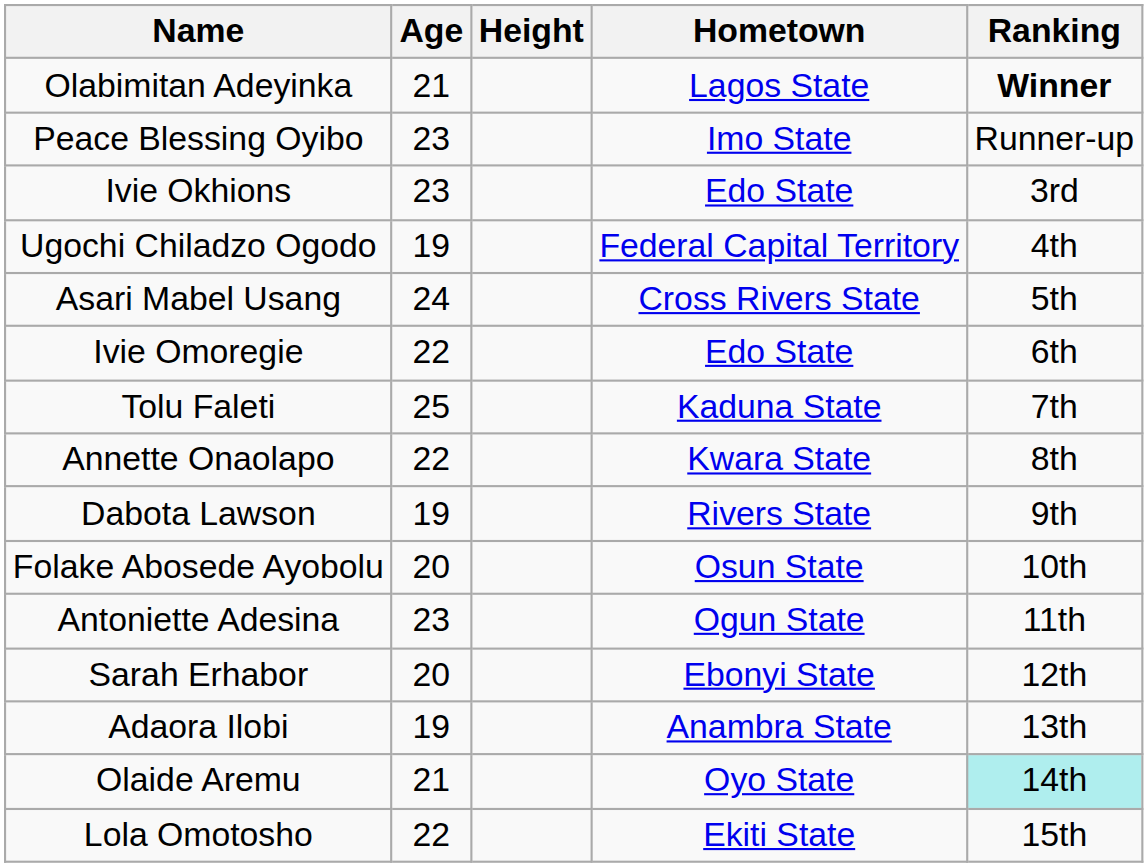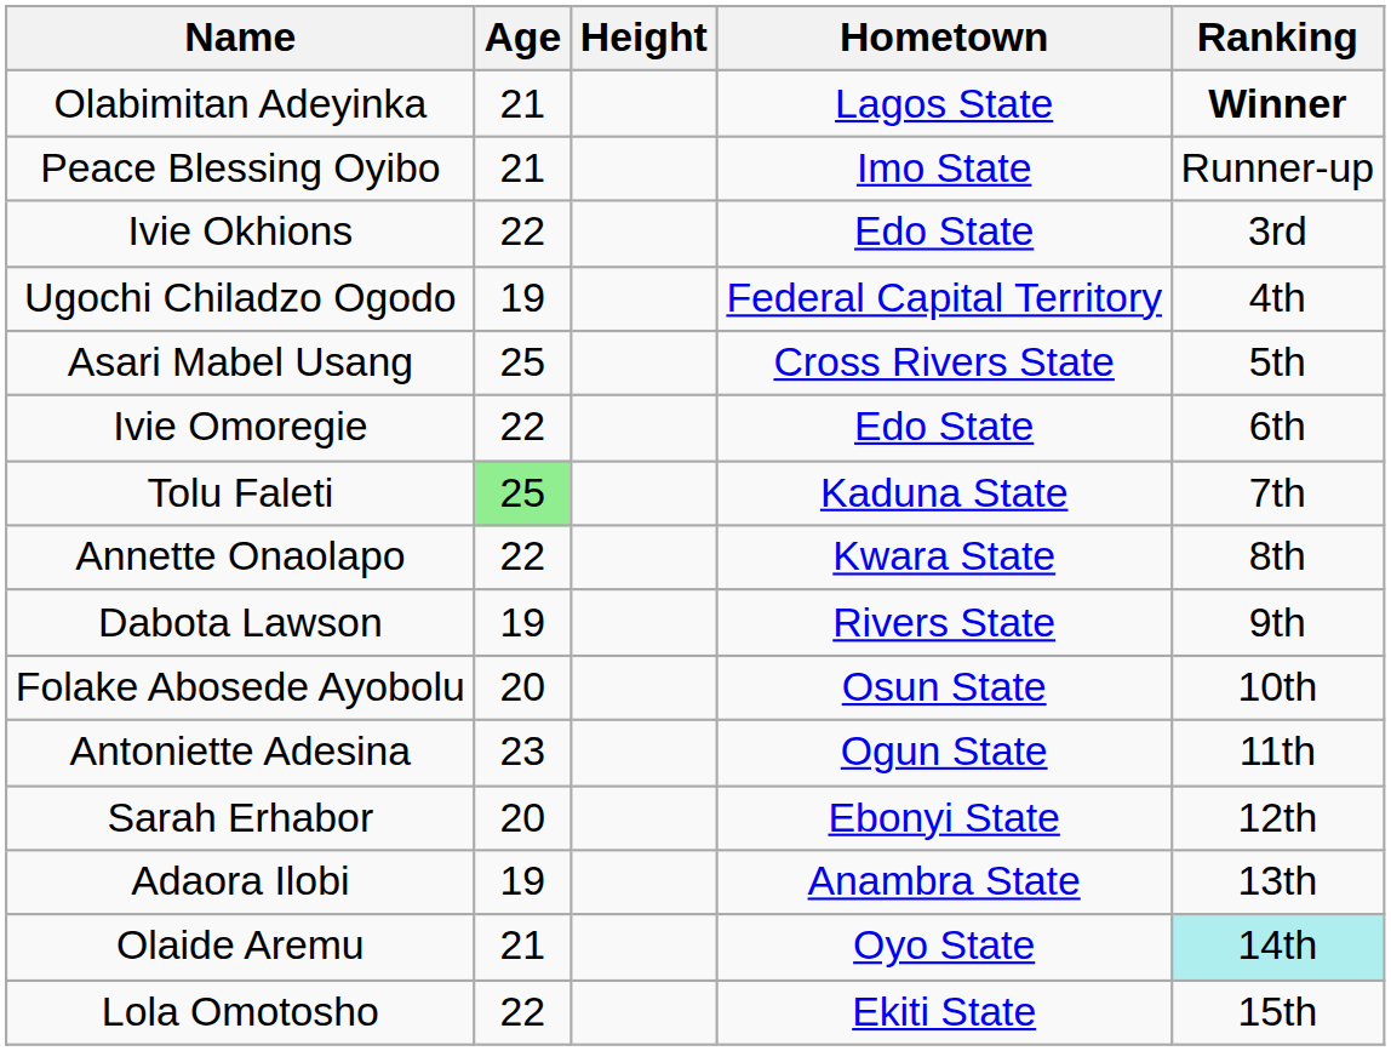 <table class="wikitable sortable" style="text-align:center;">
 <tr>
 <th>Name</th>
 <th>Age</th>
 <th>Height</th>
 <th>Hometown</th>
 <th>Ranking</th>
 </tr>
 <tr>
 <td>Olabimitan Adeyinka</td>
 <td>21</td>
 <td></td>
 <td><a href='#'>Lagos State</a></td>
 <td><strong>Winner</strong></td>
 </tr>
 <tr>
 <td>Peace Blessing Oyibo</td>
-<td>23</td>
+<td>21</td>
 <td></td>
 <td><a href='#'>Imo State</a></td>
 <td>Runner-up</td>
 </tr>
 <tr>
 <td>Ivie Okhions</td>
-<td>23</td>
+<td>22</td>
 <td></td>
 <td><a href='#'>Edo State</a></td>
 <td>3rd</td>
 </tr>
 <tr>
 <td>Ugochi Chiladzo Ogodo</td>
 <td>19</td>
 <td></td>
 <td><a href='#'>Federal Capital Territory</a></td>
 <td>4th</td>
 </tr>
 <tr>
 <td>Asari Mabel Usang</td>
-<td>24</td>
+<td>25</td>
 <td></td>
 <td><a href='#'>Cross Rivers State</a></td>
 <td>5th</td>
 </tr>
 <tr>
 <td>Ivie Omoregie</td>
 <td>22</td>
 <td></td>
 <td><a href='#'>Edo State</a></td>
 <td>6th</td>
 </tr>
 <tr>
 <td>Tolu Faleti</td>
-<td>25</td>
+<td style="background: lightgreen;">25</td>
 <td></td>
 <td><a href='#'>Kaduna State</a></td>
 <td>7th</td>
 </tr>
 <tr>
 <td>Annette Onaolapo</td>
 <td>22</td>
 <td></td>
 <td><a href='#'>Kwara State</a></td>
 <td>8th</td>
 </tr>
 <tr>
 <td>Dabota Lawson</td>
 <td>19</td>
 <td></td>
 <td><a href='#'>Rivers State</a></td>
 <td>9th</td>
 </tr>
 <tr>
 <td>Folake Abosede Ayobolu</td>
 <td>20</td>
 <td></td>
 <td><a href='#'>Osun State</a></td>
 <td>10th</td>
 </tr>
 <tr>
 <td>Antoniette Adesina</td>
 <td>23</td>
 <td></td>
 <td><a href='#'>Ogun State</a></td>
 <td>11th</td>
 </tr>
 <tr>
 <td>Sarah Erhabor</td>
 <td>20</td>
 <td></td>
 <td><a href='#'>Ebonyi State</a></td>
 <td>12th</td>
 </tr>
 <tr>
 <td>Adaora Ilobi</td>
 <td>19</td>
 <td></td>
 <td><a href='#'>Anambra State</a></td>
 <td>13th</td>
 </tr>
 <tr>
 <td>Olaide Aremu</td>
 <td>21</td>
 <td></td>
 <td><a href='#'>Oyo State</a></td>
 <td style="background: paleturquoise;">14th</td>
 </tr>
 <tr>
 <td>Lola Omotosho</td>
 <td>22</td>
 <td></td>
 <td><a href='#'>Ekiti State</a></td>
 <td>15th</td>
 </tr>
 </table>
